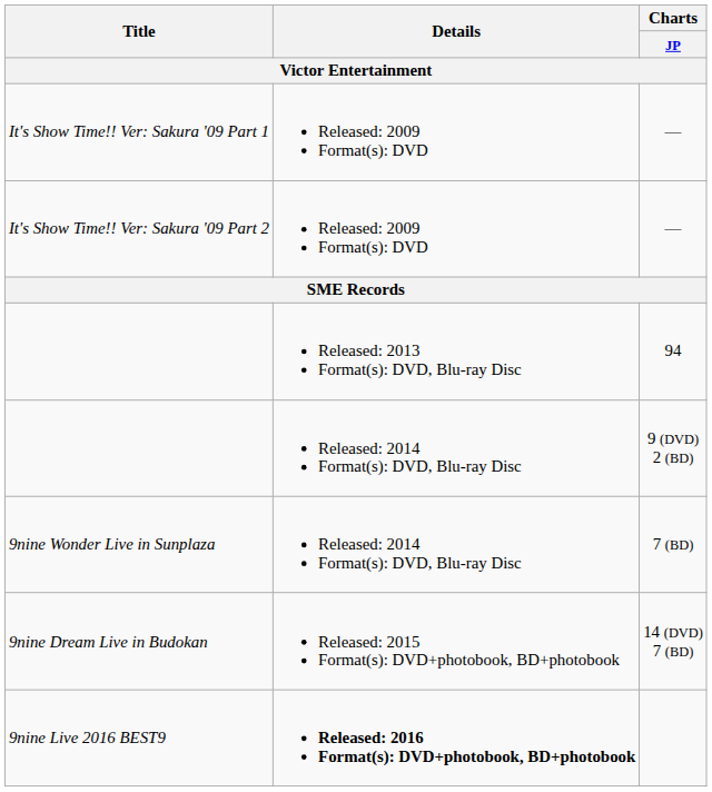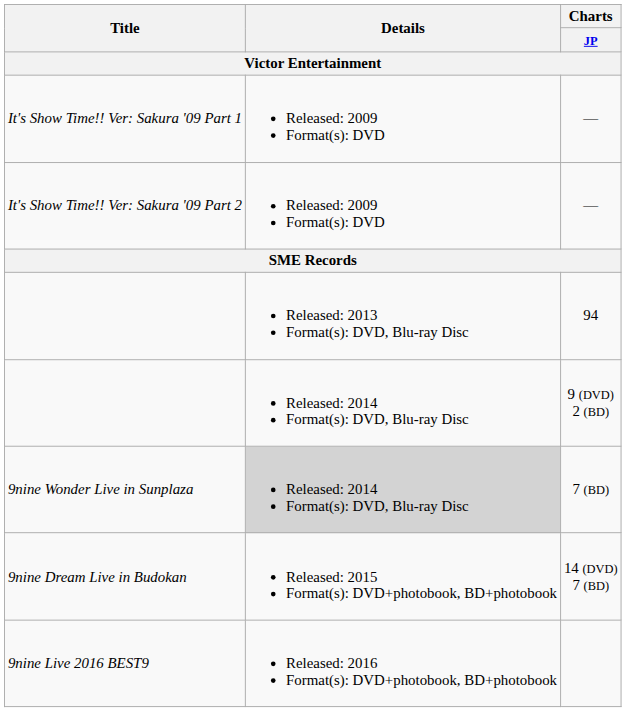 <table class="wikitable">
 <tr>
 <th rowspan="2">Title</th>
 <th rowspan="2">Details</th>
 <th>Charts</th>
 </tr>
 <tr>
 <th><small><a href='#'>JP</a><br></small></th>
 </tr>
 <tr>
 <th colspan="4">Victor Entertainment</th>
 </tr>
 <tr>
 <td><em>It's Show Time!! Ver: Sakura '09 Part 1</em></td>
 <td><br><ul><li>Released: 2009</li><li>Format(s): DVD</li></ul></td>
 <td style="text-align: center;">—</td>
 </tr>
 <tr>
 <td><em>It's Show Time!! Ver: Sakura '09 Part 2</em></td>
 <td><br><ul><li>Released: 2009</li><li>Format(s): DVD</li></ul></td>
 <td style="text-align: center;">—</td>
 </tr>
 <tr>
 <th colspan="4">SME Records</th>
 </tr>
 <tr>
 <td></td>
 <td><br><ul><li>Released: 2013</li><li>Format(s): DVD, Blu-ray Disc</li></ul></td>
 <td style="text-align: center;">94</td>
 </tr>
 <tr>
 <td></td>
 <td><br><ul><li>Released: 2014</li><li>Format(s): DVD, Blu-ray Disc</li></ul></td>
 <td style="text-align: center;">9 <small>(DVD)</small><br>2 <small>(BD)</small></td>
 </tr>
 <tr>
 <td><em>9nine Wonder Live in Sunplaza</em></td>
-<td><br><ul><li>Released: 2014</li><li>Format(s): DVD, Blu-ray Disc</li></ul></td>
+<td style="background: lightgrey;"><br><ul><li>Released: 2014</li><li>Format(s): DVD, Blu-ray Disc</li></ul></td>
 <td style="text-align: center;">7 <small>(BD)</small></td>
 </tr>
 <tr>
 <td><em>9nine Dream Live in Budokan</em></td>
 <td><br><ul><li>Released: 2015</li><li>Format(s): DVD+photobook, BD+photobook</li></ul></td>
 <td style="text-align: center;">14 <small>(DVD)</small><br>7 <small>(BD)</small></td>
 </tr>
 <tr>
 <td><em>9nine Live 2016 BEST9</em></td>
-<td><strong><br><ul><li>Released: 2016</li><li>Format(s): DVD+photobook, BD+photobook</li></ul></strong></td>
+<td><br><ul><li>Released: 2016</li><li>Format(s): DVD+photobook, BD+photobook</li></ul></td>
 <td style="text-align: center;"></td>
 </tr>
 </table>
